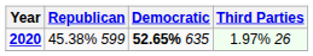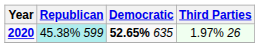 <table class="wikitable" style="float:right; font-size:95%;">
 <tr bgcolor=lightgrey>
 <th>Year</th>
 <th><a href='#'>Republican</a></th>
 <th><a href='#'>Democratic</a></th>
 <th><a href='#'>Third Parties</a></th>
 </tr>
 <tr>
 <td style="text-align:center; "><strong><a href='#'>2020</a></strong></td>
-<td style="text-align:center; ">45.38% <em>599</em></td>
+<td style="background: paleturquoise; text-align:center; ">45.38% <em>599</em></td>
 <td style="text-align:center; "><strong>52.65%</strong> <em>635</em></td>
 <td style="text-align:center; background:honeyDew;">1.97% <em>26</em></td>
 </tr>
 <tr>
 </tr>
 </table>
